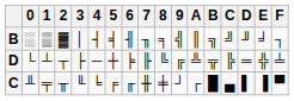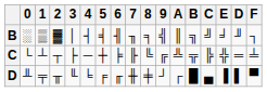 <table class="wikitable">
 <tr>
 <th></th>
 <th>0</th>
 <th>1</th>
 <th>2</th>
 <th>3</th>
 <th>4</th>
 <th>5</th>
 <th>6</th>
 <th>7</th>
 <th>8</th>
 <th>9</th>
 <th>A</th>
 <th>B</th>
 <th>C</th>
+<th>E</th>
 <th>D</th>
-<th>E</th>
 <th>F</th>
 </tr>
 <tr>
 <th>B</th>
 <td>░</td>
 <td>▒</td>
 <td>▓</td>
 <td>│</td>
 <td>┤</td>
 <td>╡</td>
 <td>╢</td>
 <td>╖</td>
 <td>╕</td>
 <td>╣</td>
 <td>║</td>
 <td>╗</td>
 <td>╝</td>
+<td>╛</td>
 <td>╜</td>
-<td>╛</td>
 <td>┐</td>
 </tr>
 <tr>
-<th>D</th>
+<th>C</th>
 <td>└</td>
 <td>┴</td>
 <td>┬</td>
 <td>├</td>
 <td>─</td>
 <td>┼</td>
 <td>╞</td>
 <td>╟</td>
 <td>╚</td>
 <td>╔</td>
 <td>╩</td>
 <td>╦</td>
 <td>╠</td>
+<td>╬</td>
 <td>═</td>
-<td>╬</td>
 <td>╧</td>
 </tr>
 <tr>
-<th>C</th>
+<th>D</th>
 <td>╨</td>
 <td>╤</td>
 <td>╥</td>
 <td>╙</td>
 <td>╘</td>
 <td>╒</td>
 <td>╓</td>
 <td>╫</td>
 <td>╪</td>
 <td>┘</td>
 <td>┌</td>
 <td>█</td>
 <td>▄</td>
+<td>▐</td>
 <td>▌</td>
-<td>▐</td>
 <td>▀</td>
 </tr>
 </table>
